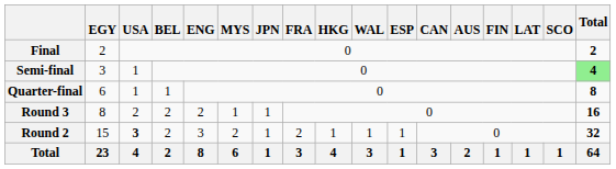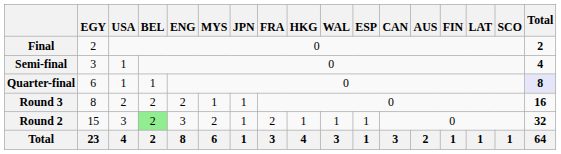 <table class="wikitable">
 <tr>
 <th></th>
 <th> <br>EGY</th>
 <th> <br>USA</th>
 <th> <br>BEL</th>
 <th> <br>ENG</th>
 <th> <br>MYS</th>
 <th> <br>JPN</th>
 <th> <br>FRA</th>
 <th> <br>HKG</th>
 <th> <br>WAL</th>
 <th> <br>ESP</th>
 <th> <br>CAN</th>
 <th> <br>AUS</th>
 <th> <br>FIN</th>
 <th> <br>LAT</th>
 <th> <br>SCO</th>
 <th>Total</th>
 </tr>
 <tr align="center">
 <th>Final</th>
 <td>2</td>
 <td colspan=14>0</td>
 <td><strong>2</strong></td>
 </tr>
 <tr align="center">
 <th>Semi-final</th>
 <td>3</td>
 <td>1</td>
 <td colspan=13>0</td>
-<td style="background: lightgreen;"><strong>4</strong></td>
+<td><strong>4</strong></td>
 </tr>
 <tr align="center">
 <th>Quarter-final</th>
 <td>6</td>
 <td>1</td>
 <td>1</td>
 <td colspan=12>0</td>
-<td><strong>8</strong></td>
+<td style="background: lavender;"><strong>8</strong></td>
 </tr>
 <tr align="center">
 <th>Round 3</th>
 <td>8</td>
 <td>2</td>
 <td>2</td>
 <td>2</td>
 <td>1</td>
 <td>1</td>
 <td colspan=9>0</td>
 <td><strong>16</strong></td>
 </tr>
 <tr align="center">
 <th>Round 2</th>
 <td>15</td>
-<td><strong>3</strong></td>
-<td>2</td>
+<td>3</td>
+<td style="background: lightgreen;">2</td>
 <td>3</td>
 <td>2</td>
 <td>1</td>
 <td>2</td>
 <td>1</td>
 <td>1</td>
 <td>1</td>
 <td colspan=5>0</td>
 <td><strong>32</strong></td>
 </tr>
 <tr align="center">
 <th>Total</th>
 <th>23</th>
 <th>4</th>
 <th>2</th>
 <th>8</th>
 <th>6</th>
 <th>1</th>
 <th>3</th>
 <th>4</th>
 <th>3</th>
 <th>1</th>
 <th>3</th>
 <th>2</th>
 <th>1</th>
 <th>1</th>
 <th>1</th>
 <th>64</th>
 </tr>
 </table>
